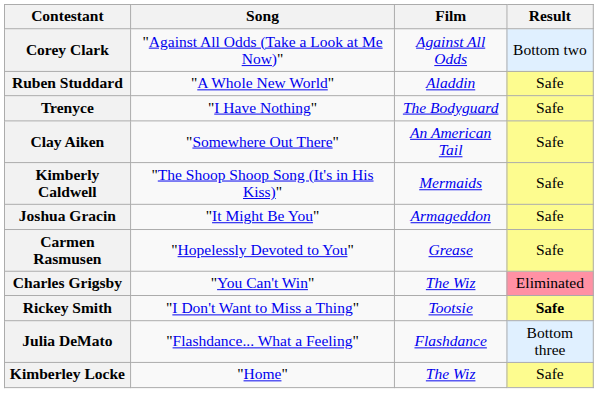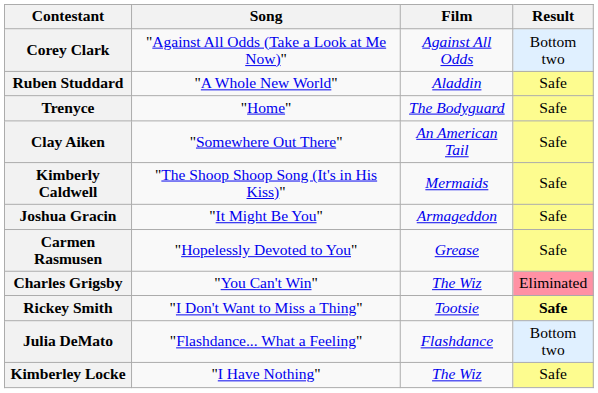 <table class="wikitable unsortable" style="text-align:center;">
 <tr>
 <th scope="col">Contestant</th>
 <th scope="col">Song</th>
 <th scope="col">Film</th>
 <th scope="col">Result</th>
 </tr>
 <tr>
 <th scope="row">Corey Clark</th>
 <td>"<a href='#'>Against All Odds (Take a Look at Me Now)</a>"</td>
 <td><em><a href='#'>Against All Odds</a></em></td>
 <td style="background:#e0f0ff">Bottom two</td>
 </tr>
 <tr>
 <th scope="row">Ruben Studdard</th>
 <td>"<a href='#'>A Whole New World</a>"</td>
 <td><em><a href='#'>Aladdin</a></em></td>
 <td style="background:#FDFC8F;">Safe</td>
 </tr>
 <tr>
 <th scope="row">Trenyce</th>
-<td>"<a href='#'>I Have Nothing</a>"</td>
+<td>"<a href='#'>Home</a>"</td>
 <td><em><a href='#'>The Bodyguard</a></em></td>
 <td style="background:#FDFC8F;">Safe</td>
 </tr>
 <tr>
 <th scope="row">Clay Aiken</th>
 <td>"<a href='#'>Somewhere Out There</a>"</td>
 <td><em><a href='#'>An American Tail</a></em></td>
 <td style="background:#FDFC8F;">Safe</td>
 </tr>
 <tr>
 <th scope="row">Kimberly Caldwell</th>
 <td>"<a href='#'>The Shoop Shoop Song (It's in His Kiss)</a>"</td>
 <td><em><a href='#'>Mermaids</a></em></td>
 <td style="background:#FDFC8F;">Safe</td>
 </tr>
 <tr>
 <th scope="row">Joshua Gracin</th>
 <td>"<a href='#'>It Might Be You</a>"</td>
 <td><em><a href='#'>Armageddon</a></em></td>
 <td style="background:#FDFC8F;">Safe</td>
 </tr>
 <tr>
 <th scope="row">Carmen Rasmusen</th>
 <td>"<a href='#'>Hopelessly Devoted to You</a>"</td>
 <td><em><a href='#'>Grease</a></em></td>
 <td style="background:#FDFC8F;">Safe</td>
 </tr>
 <tr>
 <th scope="row">Charles Grigsby</th>
 <td>"<a href='#'>You Can't Win</a>"</td>
 <td><em><a href='#'>The Wiz</a></em></td>
 <td bgcolor="FF91A4">Eliminated</td>
 </tr>
 <tr>
 <th scope="row">Rickey Smith</th>
 <td>"<a href='#'>I Don't Want to Miss a Thing</a>"</td>
 <td><em><a href='#'>Tootsie</a></em></td>
 <td style="background:#FDFC8F;"><strong>Safe</strong></td>
 </tr>
 <tr>
 <th scope="row">Julia DeMato</th>
 <td>"<a href='#'>Flashdance... What a Feeling</a>"</td>
 <td><em><a href='#'>Flashdance</a></em></td>
-<td style="background:#e0f0ff">Bottom three</td>
+<td style="background:#e0f0ff">Bottom two</td>
 </tr>
 <tr>
 <th scope="row">Kimberley Locke</th>
-<td>"<a href='#'>Home</a>"</td>
+<td>"<a href='#'>I Have Nothing</a>"</td>
 <td><em><a href='#'>The Wiz</a></em></td>
 <td style="background:#FDFC8F;">Safe</td>
 </tr>
 </table>
